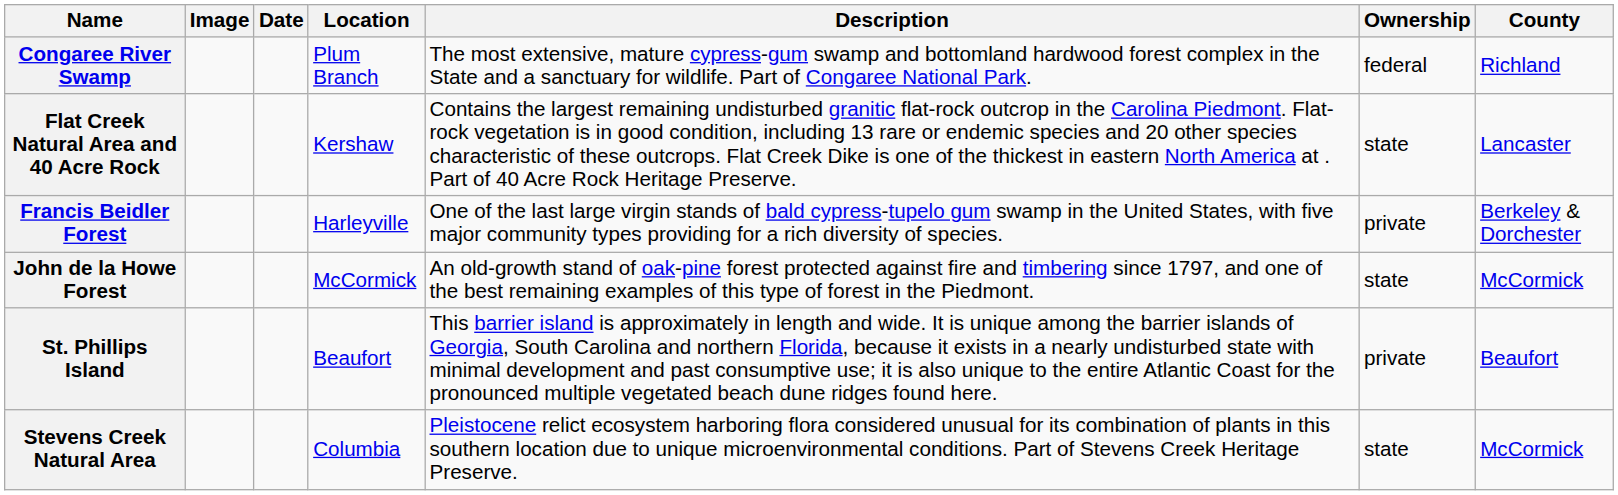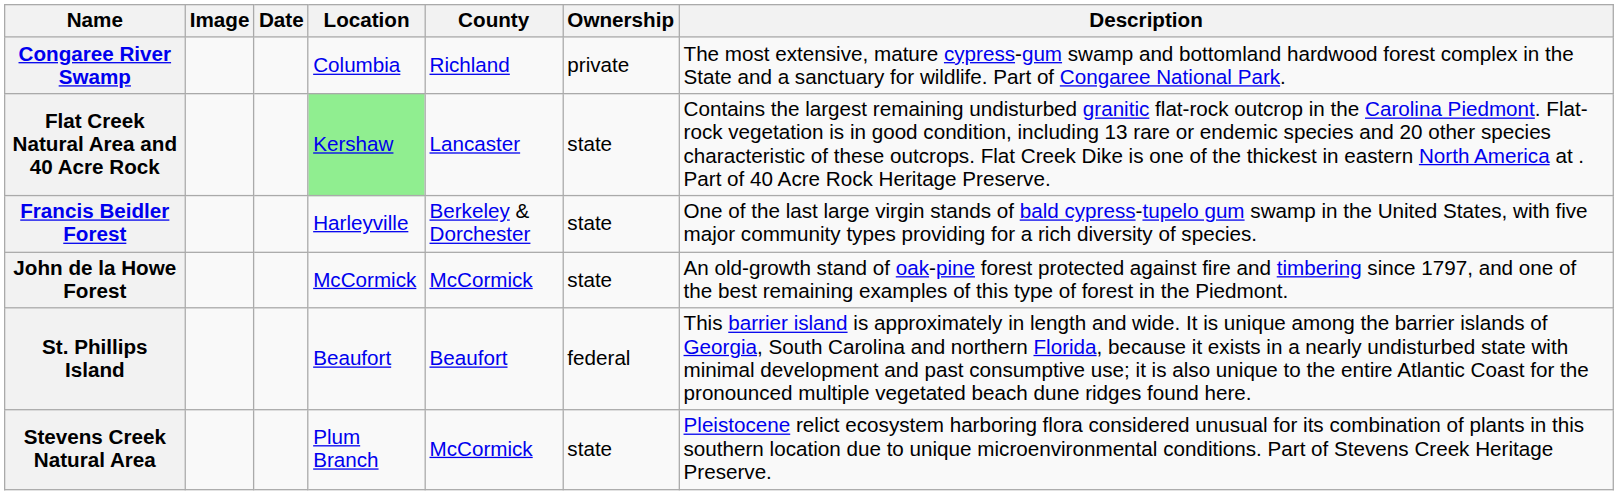 <table class="wikitable sortable" align="center">
 <tr>
 <th style="background-color:">Name</th>
 <th style="background-color:">Image</th>
 <th style="background-color:">Date</th>
 <th style="background-color:">Location</th>
+<th style="background-color:">County</th>
+<th style="background-color:">Ownership</th>
 <th style="background-color:">Description</th>
-<th style="background-color:">Ownership</th>
-<th style="background-color:">County</th>
 </tr>
 <tr>
 <th><a href='#'>Congaree River Swamp</a></th>
 <td></td>
 <td></td>
-<td><a href='#'>Plum Branch</a> <small></small></td>
+<td><a href='#'>Columbia</a> <small></small></td>
+<td><a href='#'>Richland</a></td>
+<td>private</td>
 <td>The most extensive, mature <a href='#'>cypress</a>-<a href='#'>gum</a> swamp and bottomland hardwood forest complex in the State and a sanctuary for wildlife. Part of <a href='#'>Congaree National Park</a>.</td>
-<td>federal</td>
-<td><a href='#'>Richland</a></td>
 </tr>
 <tr>
 <th>Flat Creek Natural Area and 40 Acre Rock</th>
 <td></td>
 <td></td>
-<td><a href='#'>Kershaw</a> <small></small></td>
+<td style="background: lightgreen;"><a href='#'>Kershaw</a> <small></small></td>
+<td><a href='#'>Lancaster</a></td>
+<td>state</td>
 <td>Contains the largest remaining undisturbed <a href='#'>granitic</a> flat-rock outcrop in the <a href='#'>Carolina Piedmont</a>. Flat-rock vegetation is in good condition, including 13 rare or endemic species and 20 other species characteristic of these outcrops. Flat Creek Dike is one of the thickest in eastern <a href='#'>North America</a> at . Part of 40 Acre Rock Heritage Preserve.</td>
-<td>state</td>
-<td><a href='#'>Lancaster</a></td>
 </tr>
 <tr>
 <th><a href='#'>Francis Beidler Forest</a></th>
 <td></td>
 <td></td>
 <td><a href='#'>Harleyville</a> <small></small></td>
+<td><a href='#'>Berkeley</a> & <a href='#'>Dorchester</a></td>
+<td>state</td>
 <td>One of the last large virgin stands of <a href='#'>bald cypress</a>-<a href='#'>tupelo gum</a> swamp in the United States, with five major community types providing for a rich diversity of species.</td>
-<td>private</td>
-<td><a href='#'>Berkeley</a> & <a href='#'>Dorchester</a></td>
 </tr>
 <tr>
 <th>John de la Howe Forest</th>
 <td></td>
 <td></td>
 <td><a href='#'>McCormick</a> <small></small></td>
+<td><a href='#'>McCormick</a></td>
+<td>state</td>
 <td>An old-growth stand of <a href='#'>oak</a>-<a href='#'>pine</a> forest protected against fire and <a href='#'>timbering</a> since 1797, and one of the best remaining examples of this type of forest in the Piedmont.</td>
-<td>state</td>
-<td><a href='#'>McCormick</a></td>
 </tr>
 <tr>
 <th>St. Phillips Island</th>
 <td></td>
 <td></td>
 <td><a href='#'>Beaufort</a> <small></small></td>
+<td><a href='#'>Beaufort</a></td>
+<td>federal</td>
 <td>This <a href='#'>barrier island</a> is approximately  in length and  wide. It is unique among the barrier islands of <a href='#'>Georgia</a>, South Carolina and northern <a href='#'>Florida</a>, because it exists in a nearly undisturbed state with minimal development and past consumptive use; it is also unique to the entire Atlantic Coast for the pronounced multiple vegetated beach dune ridges found here.</td>
-<td>private</td>
-<td><a href='#'>Beaufort</a></td>
 </tr>
 <tr>
 <th>Stevens Creek Natural Area</th>
 <td></td>
 <td></td>
-<td><a href='#'>Columbia</a> <small></small></td>
+<td><a href='#'>Plum Branch</a> <small></small></td>
+<td><a href='#'>McCormick</a></td>
+<td>state</td>
 <td><a href='#'>Pleistocene</a> relict ecosystem harboring flora considered unusual for its combination of plants in this southern location due to unique microenvironmental conditions. Part of Stevens Creek Heritage Preserve.</td>
-<td>state</td>
-<td><a href='#'>McCormick</a></td>
 </tr>
 </table>
